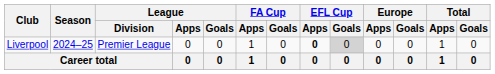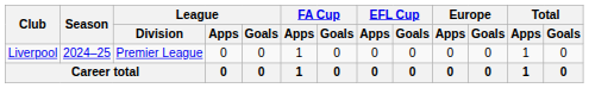 <table class="wikitable" style="text-align:center">
 <tr>
 <th rowspan="2">Club</th>
 <th rowspan="2">Season</th>
 <th colspan="3">League</th>
 <th colspan="2"><a href='#'>FA Cup</a></th>
 <th colspan="2"><a href='#'>EFL Cup</a></th>
 <th colspan="2">Europe</th>
 <th colspan="2">Total</th>
 </tr>
 <tr>
 <th>Division</th>
 <th>Apps</th>
 <th>Goals</th>
 <th>Apps</th>
 <th>Goals</th>
 <th>Apps</th>
 <th>Goals</th>
 <th>Apps</th>
 <th>Goals</th>
 <th>Apps</th>
 <th>Goals</th>
 </tr>
 <tr>
 <td><a href='#'>Liverpool</a></td>
 <td><a href='#'>2024–25</a></td>
 <td><a href='#'>Premier League</a></td>
 <td>0</td>
 <td>0</td>
 <td>1</td>
 <td>0</td>
-<td><strong>0</strong></td>
-<td style="background: lightgrey;">0</td>
+<td>0</td>
+<td>0</td>
 <td>0</td>
 <td>0</td>
 <td>1</td>
 <td>0</td>
 </tr>
 <tr>
 <th colspan="3">Career total</th>
 <th>0</th>
 <th>0</th>
 <th>1</th>
 <th>0</th>
 <th>0</th>
 <th>0</th>
 <th>0</th>
 <th>0</th>
 <th>1</th>
 <th>0</th>
 </tr>
 </table>
